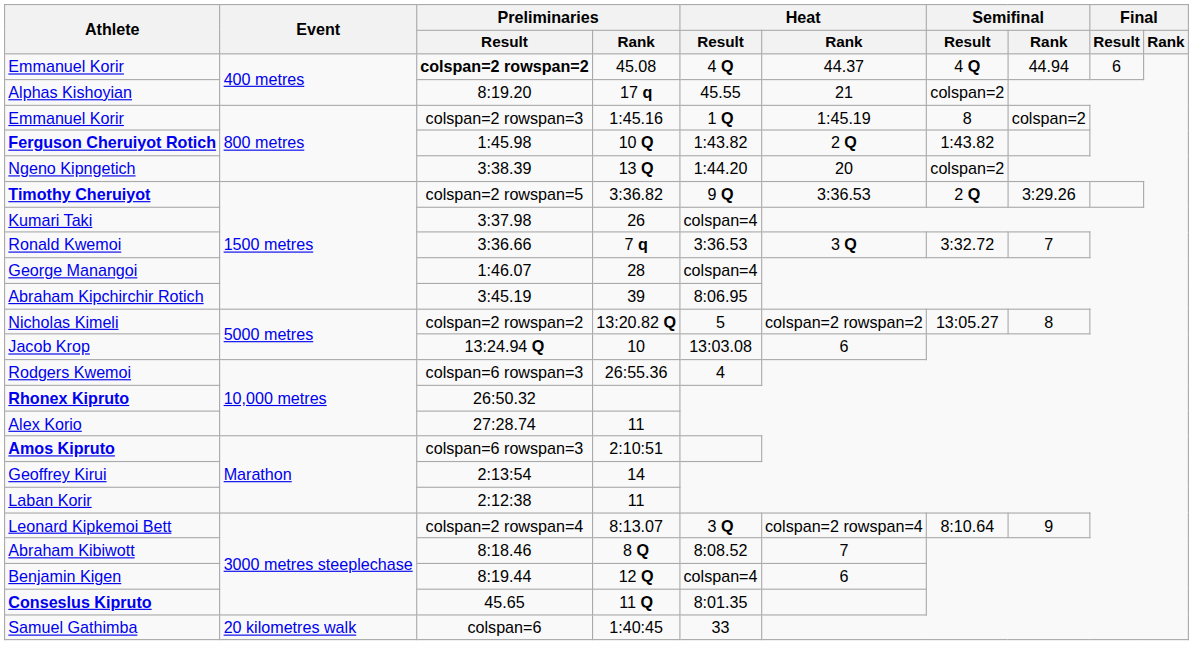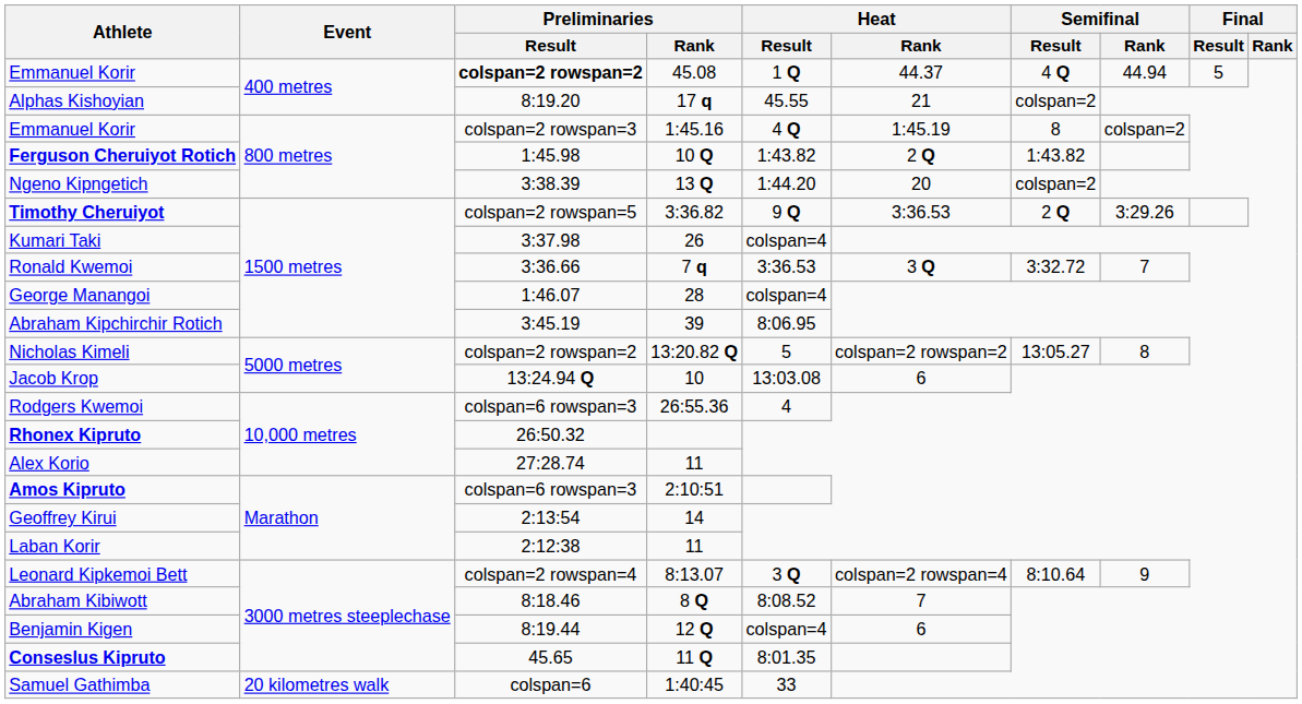 <table class="wikitable" style="font-size:90%">
 <tr>
 <th rowspan="2">Athlete</th>
 <th rowspan="2">Event</th>
 <th colspan="2">Preliminaries</th>
 <th colspan="2">Heat</th>
 <th colspan="2">Semifinal</th>
 <th colspan="2">Final</th>
 </tr>
 <tr style="font-size:95%">
 <th>Result</th>
 <th>Rank</th>
 <th>Result</th>
 <th>Rank</th>
 <th>Result</th>
 <th>Rank</th>
 <th>Result</th>
 <th>Rank</th>
 </tr>
 <tr style=text-align:center>
 <td style=text-align:left><a href='#'>Emmanuel Korir</a></td>
 <td style=text-align:left rowspan=2><a href='#'>400 metres</a></td>
 <td><strong>colspan=2 rowspan=2 </strong></td>
 <td>45.08</td>
-<td>4 <strong>Q</strong></td>
+<td>1 <strong>Q</strong></td>
 <td>44.37</td>
 <td>4 <strong>Q</strong></td>
 <td>44.94</td>
-<td>6</td>
+<td>5</td>
 </tr>
 <tr style=text-align:center>
 <td style=text-align:left><a href='#'>Alphas Kishoyian</a></td>
 <td>8:19.20</td>
 <td>17 <strong>q</strong></td>
 <td>45.55</td>
 <td>21</td>
 <td>colspan=2 </td>
 </tr>
 <tr style=text-align:center>
 <td style=text-align:left><a href='#'>Emmanuel Korir</a></td>
 <td style=text-align:left rowspan=3><a href='#'>800 metres</a></td>
 <td>colspan=2 rowspan=3 </td>
 <td>1:45.16</td>
-<td>1 <strong>Q</strong></td>
+<td>4 <strong>Q</strong></td>
 <td>1:45.19</td>
 <td>8</td>
 <td>colspan=2 </td>
 </tr>
 <tr style=text-align:center>
 <td style=text-align:left><strong><a href='#'>Ferguson Cheruiyot Rotich</a></strong></td>
 <td>1:45.98</td>
 <td>10 <strong>Q</strong></td>
 <td>1:43.82</td>
 <td>2 <strong>Q</strong></td>
 <td>1:43.82</td>
 <td></td>
 </tr>
 <tr style=text-align:center>
 <td style=text-align:left><a href='#'>Ngeno Kipngetich</a></td>
 <td>3:38.39</td>
 <td>13 <strong>Q</strong></td>
 <td>1:44.20</td>
 <td>20</td>
 <td>colspan=2 </td>
 </tr>
 <tr style=text-align:center>
 <td style=text-align:left><strong><a href='#'>Timothy Cheruiyot</a></strong></td>
 <td style=text-align:left rowspan=5><a href='#'>1500 metres</a></td>
 <td>colspan=2 rowspan=5 </td>
 <td>3:36.82</td>
 <td>9 <strong>Q</strong></td>
 <td>3:36.53</td>
 <td>2 <strong>Q</strong></td>
 <td>3:29.26</td>
 <td></td>
 </tr>
 <tr style=text-align:center>
 <td style=text-align:left><a href='#'>Kumari Taki</a></td>
 <td>3:37.98</td>
 <td>26</td>
 <td>colspan=4 </td>
 </tr>
 <tr style=text-align:center>
 <td style=text-align:left><a href='#'>Ronald Kwemoi</a></td>
 <td>3:36.66</td>
 <td>7 <strong>q</strong></td>
 <td>3:36.53</td>
 <td>3 <strong>Q</strong></td>
 <td>3:32.72</td>
 <td>7 <strong></strong></td>
 </tr>
 <tr style=text-align:center>
 <td style=text-align:left><a href='#'>George Manangoi</a></td>
 <td>1:46.07</td>
 <td>28</td>
 <td>colspan=4 </td>
 </tr>
 <tr style=text-align:center>
 <td style=text-align:left><a href='#'>Abraham Kipchirchir Rotich</a></td>
 <td>3:45.19</td>
 <td>39</td>
 <td>8:06.95</td>
 </tr>
 <tr style=text-align:center>
 <td style=text-align:left><a href='#'>Nicholas Kimeli</a></td>
 <td style=text-align:left rowspan=2><a href='#'>5000 metres</a></td>
 <td>colspan=2 rowspan=2 </td>
 <td>13:20.82 <strong>Q</strong></td>
 <td>5</td>
 <td>colspan=2 rowspan=2 </td>
 <td>13:05.27</td>
 <td>8</td>
 </tr>
 <tr style=text-align:center>
 <td style=text-align:left><a href='#'>Jacob Krop</a></td>
 <td>13:24.94 <strong>Q</strong></td>
 <td>10</td>
 <td>13:03.08</td>
 <td>6 <strong></strong></td>
 </tr>
 <tr style=text-align:center>
 <td style=text-align:left><a href='#'>Rodgers Kwemoi</a></td>
 <td style=text-align:left rowspan=3><a href='#'>10,000 metres</a></td>
 <td>colspan=6 rowspan=3 </td>
 <td>26:55.36 </td>
 <td>4</td>
 </tr>
 <tr style=text-align:center>
 <td style=text-align:left><strong><a href='#'>Rhonex Kipruto</a></strong></td>
 <td>26:50.32</td>
 <td></td>
 </tr>
 <tr style=text-align:center>
 <td style=text-align:left><a href='#'>Alex Korio</a></td>
 <td>27:28.74 </td>
 <td>11</td>
 </tr>
 <tr style=text-align:center>
 <td style=text-align:left><strong><a href='#'>Amos Kipruto</a></strong></td>
 <td style=text-align:left rowspan=3><a href='#'>Marathon</a></td>
 <td>colspan=6 rowspan=3 </td>
 <td>2:10:51</td>
 <td></td>
 </tr>
 <tr style=text-align:center>
 <td style=text-align:left><a href='#'>Geoffrey Kirui</a></td>
 <td>2:13:54 </td>
 <td>14</td>
 </tr>
 <tr style=text-align:center>
 <td style=text-align:left><a href='#'>Laban Korir</a></td>
 <td>2:12:38</td>
 <td>11</td>
 </tr>
 <tr style=text-align:center>
 <td style=text-align:left><a href='#'>Leonard Kipkemoi Bett</a></td>
 <td style=text-align:left rowspan=4><a href='#'>3000 metres steeplechase</a></td>
 <td>colspan=2 rowspan=4 </td>
 <td>8:13.07</td>
 <td>3 <strong>Q</strong></td>
 <td>colspan=2 rowspan=4</td>
 <td>8:10.64</td>
 <td>9</td>
 </tr>
 <tr style=text-align:center>
 <td style=text-align:left><a href='#'>Abraham Kibiwott</a></td>
 <td>8:18.46</td>
 <td>8 <strong>Q</strong></td>
 <td>8:08.52</td>
 <td>7</td>
 </tr>
 <tr style=text-align:center>
 <td style=text-align:left><a href='#'>Benjamin Kigen</a></td>
 <td>8:19.44</td>
 <td>12 <strong>Q</strong></td>
 <td>colspan=4 </td>
 <td>6</td>
 </tr>
 <tr style=text-align:center>
 <td style=text-align:left><strong><a href='#'>Conseslus Kipruto</a></strong></td>
 <td>45.65</td>
 <td>11 <strong>Q</strong></td>
 <td>8:01.35 </td>
 <td></td>
 </tr>
 <tr style=text-align:center>
 <td style=text-align:left><a href='#'>Samuel Gathimba</a></td>
 <td style=text-align:left><a href='#'>20 kilometres walk</a></td>
 <td>colspan=6 </td>
 <td>1:40:45</td>
 <td>33</td>
 </tr>
 </table>
